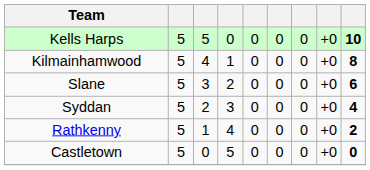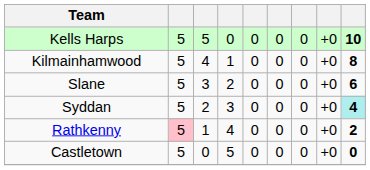 <table class="wikitable" style="text-align:center">
 <tr>
 <th width="175">Team</th>
 <th width="20"></th>
 <th width="20"></th>
 <th width="20"></th>
 <th width="20"></th>
 <th width="20"></th>
 <th width="20"></th>
 <th width="20"></th>
 <th width="20"></th>
 </tr>
 <tr style="background:#cfc;">
 <td>Kells Harps</td>
 <td>5</td>
 <td>5</td>
 <td>0</td>
 <td>0</td>
 <td>0</td>
 <td>0</td>
 <td>+0</td>
 <td><strong>10</strong></td>
 </tr>
 <tr>
 <td>Kilmainhamwood</td>
 <td>5</td>
 <td>4</td>
 <td>1</td>
 <td>0</td>
 <td>0</td>
 <td>0</td>
 <td>+0</td>
 <td><strong>8</strong></td>
 </tr>
 <tr>
 <td>Slane</td>
 <td>5</td>
 <td>3</td>
 <td>2</td>
 <td>0</td>
 <td>0</td>
 <td>0</td>
 <td>+0</td>
 <td><strong>6</strong></td>
 </tr>
 <tr>
 <td>Syddan</td>
 <td>5</td>
 <td>2</td>
 <td>3</td>
 <td>0</td>
 <td>0</td>
 <td>0</td>
 <td>+0</td>
-<td><strong>4</strong></td>
+<td style="background: paleturquoise;"><strong>4</strong></td>
 </tr>
 <tr>
 <td><a href='#'>Rathkenny</a></td>
-<td>5</td>
+<td style="background: pink;">5</td>
 <td>1</td>
 <td>4</td>
 <td>0</td>
 <td>0</td>
 <td>0</td>
 <td>+0</td>
 <td><strong>2</strong></td>
 </tr>
 <tr>
 <td>Castletown</td>
 <td>5</td>
 <td>0</td>
 <td>5</td>
 <td>0</td>
 <td>0</td>
 <td>0</td>
 <td>+0</td>
 <td><strong>0</strong></td>
 </tr>
 <tr>
 </tr>
 </table>
